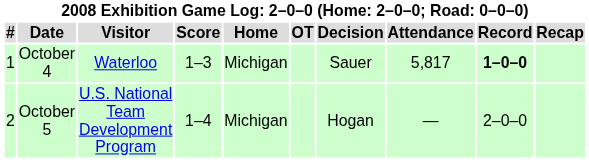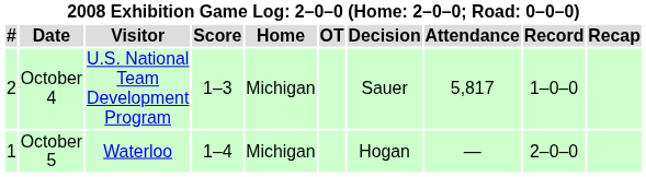 <table class="toccolours collapsible collapsed" width=90% style="clear:both; margin:1.5em auto; text-align:center">
 <tr>
 <th colspan=11>2008 Exhibition Game Log: 2–0–0 (Home: 2–0–0; Road: 0–0–0)</th>
 </tr>
 <tr align="center" bgcolor="#dddddd">
 <th>#</th>
 <th>Date</th>
 <th>Visitor</th>
 <th>Score</th>
 <th>Home</th>
 <th>OT</th>
 <th>Decision</th>
 <th>Attendance</th>
 <th>Record</th>
 <th>Recap</th>
 </tr>
 <tr align="center" bgcolor="#ccffcc">
-<td>1</td>
+<td>2</td>
 <td>October 4</td>
-<td><a href='#'>Waterloo</a></td>
+<td><a href='#'>U.S. National Team Development Program</a></td>
 <td>1–3</td>
 <td>Michigan</td>
 <td></td>
 <td>Sauer</td>
 <td>5,817</td>
-<td><strong>1–0–0</strong></td>
+<td>1–0–0</td>
 <td></td>
 </tr>
 <tr align="center" bgcolor="#ccffcc">
-<td>2</td>
+<td>1</td>
 <td>October 5</td>
-<td><a href='#'>U.S. National Team Development Program</a></td>
+<td><a href='#'>Waterloo</a></td>
 <td>1–4</td>
 <td>Michigan</td>
 <td></td>
 <td>Hogan</td>
 <td>—</td>
 <td>2–0–0</td>
 <td></td>
 </tr>
 </table>
